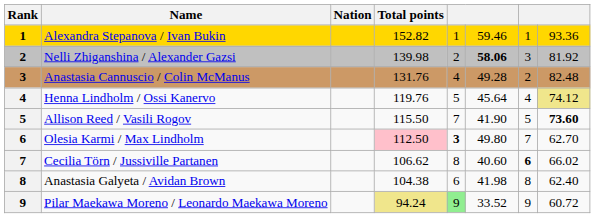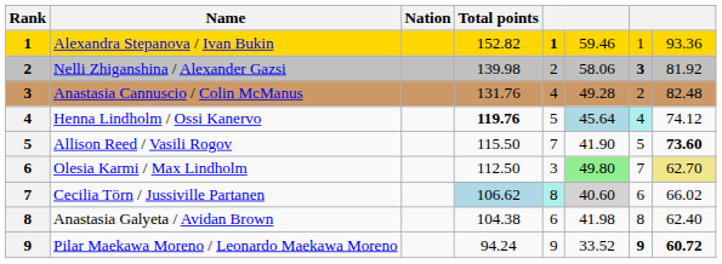 <table class="wikitable sortable">
 <tr>
 <th>Rank</th>
 <th>Name</th>
 <th>Nation</th>
 <th>Total points</th>
 <th colspan="2" width="80px"></th>
 <th colspan="2" width="80px"></th>
 </tr>
 <tr bgcolor="gold">
 <td align="center"><strong>1</strong></td>
 <td><a href='#'>Alexandra Stepanova</a> / <a href='#'>Ivan Bukin</a></td>
 <td></td>
 <td align="center">152.82</td>
-<td align="center">1</td>
+<td align="center"><strong>1</strong></td>
 <td align="center">59.46</td>
 <td align="center">1</td>
 <td align="center">93.36</td>
 </tr>
 <tr bgcolor="silver">
 <td align="center"><strong>2</strong></td>
 <td><a href='#'>Nelli Zhiganshina</a> / <a href='#'>Alexander Gazsi</a></td>
 <td></td>
 <td align="center">139.98</td>
 <td align="center">2</td>
-<td align="center"><strong>58.06</strong></td>
-<td align="center">3</td>
+<td align="center">58.06</td>
+<td align="center"><strong>3</strong></td>
 <td align="center">81.92</td>
 </tr>
 <tr bgcolor="cc9966">
 <td align="center"><strong>3</strong></td>
 <td><a href='#'>Anastasia Cannuscio</a> / <a href='#'>Colin McManus</a></td>
 <td></td>
 <td align="center">131.76</td>
 <td align="center">4</td>
 <td align="center">49.28</td>
 <td align="center">2</td>
 <td align="center">82.48</td>
 </tr>
 <tr>
 <th>4</th>
 <td><a href='#'>Henna Lindholm</a> / <a href='#'>Ossi Kanervo</a></td>
 <td></td>
-<td align="center">119.76</td>
+<td align="center"><strong>119.76</strong></td>
 <td align="center">5</td>
-<td align="center">45.64</td>
-<td align="center">4</td>
-<td align="center" style="background: khaki;">74.12</td>
+<td align="center" style="background: lightblue;">45.64</td>
+<td align="center" style="background: paleturquoise;">4</td>
+<td align="center">74.12</td>
 </tr>
 <tr>
 <th>5</th>
 <td><a href='#'>Allison Reed</a> / <a href='#'>Vasili Rogov</a></td>
 <td></td>
 <td align="center">115.50</td>
 <td align="center">7</td>
 <td align="center">41.90</td>
 <td align="center">5</td>
 <td align="center"><strong>73.60</strong></td>
 </tr>
 <tr>
 <th>6</th>
 <td><a href='#'>Olesia Karmi</a> / <a href='#'>Max Lindholm</a></td>
 <td></td>
-<td align="center" style="background: pink;">112.50</td>
-<td align="center"><strong>3</strong></td>
-<td align="center">49.80</td>
+<td align="center">112.50</td>
+<td align="center">3</td>
+<td align="center" style="background: lightgreen;">49.80</td>
 <td align="center">7</td>
-<td align="center">62.70</td>
+<td align="center" style="background: khaki;">62.70</td>
 </tr>
 <tr>
 <th>7</th>
 <td><a href='#'>Cecilia Törn</a> / <a href='#'>Jussiville Partanen</a></td>
 <td></td>
-<td align="center">106.62</td>
-<td align="center">8</td>
-<td align="center">40.60</td>
-<td align="center"><strong>6</strong></td>
+<td align="center" style="background: lightblue;">106.62</td>
+<td align="center" style="background: paleturquoise;">8</td>
+<td align="center" style="background: lightgrey;">40.60</td>
+<td align="center">6</td>
 <td align="center">66.02</td>
 </tr>
 <tr>
 <th>8</th>
 <td>Anastasia Galyeta / <a href='#'>Avidan Brown</a></td>
 <td></td>
 <td align="center">104.38</td>
 <td align="center">6</td>
 <td align="center">41.98</td>
 <td align="center">8</td>
 <td align="center">62.40</td>
 </tr>
 <tr>
 <th>9</th>
 <td><a href='#'>Pilar Maekawa Moreno</a> / <a href='#'>Leonardo Maekawa Moreno</a></td>
 <td></td>
-<td align="center" style="background: khaki;">94.24</td>
-<td align="center" style="background: lightgreen;">9</td>
+<td align="center">94.24</td>
+<td align="center">9</td>
 <td align="center">33.52</td>
-<td align="center">9</td>
-<td align="center">60.72</td>
+<td align="center"><strong>9</strong></td>
+<td align="center"><strong>60.72</strong></td>
 </tr>
 </table>
